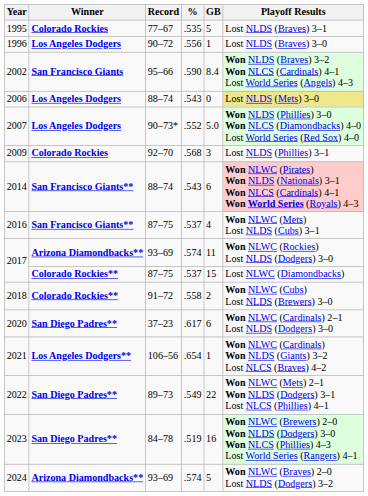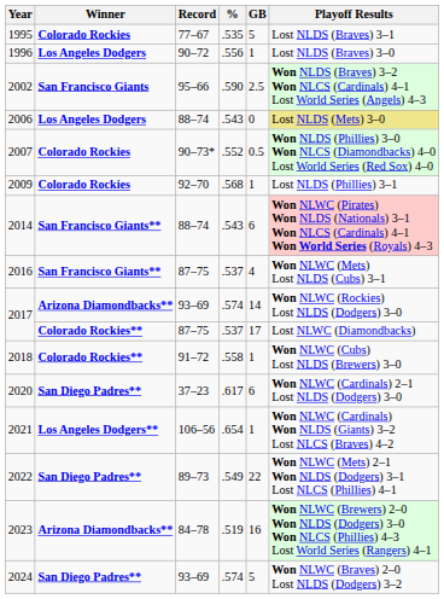 <table class="wikitable">
 <tr>
 <th>Year</th>
 <th>Winner</th>
 <th>Record</th>
 <th>%</th>
 <th>GB</th>
 <th>Playoff Results</th>
 </tr>
 <tr>
 <td>1995</td>
 <td><strong><a href='#'><span>Colorado Rockies</span></a></strong></td>
 <td>77–67</td>
 <td>.535</td>
 <td>5</td>
 <td>Lost <a href='#'>NLDS</a> (<a href='#'>Braves</a>) 3–1</td>
 </tr>
 <tr>
 <td>1996</td>
 <td><strong><a href='#'><span>Los Angeles Dodgers</span></a></strong></td>
 <td>90–72</td>
 <td>.556</td>
 <td>1</td>
 <td>Lost <a href='#'>NLDS</a> (<a href='#'>Braves</a>) 3–0</td>
 </tr>
 <tr>
 <td>2002</td>
 <td><strong><a href='#'><span>San Francisco Giants</span></a></strong></td>
 <td>95–66</td>
 <td>.590</td>
-<td>8.4</td>
+<td>2.5</td>
 <td bgcolor="#ddffdd"><strong>Won</strong> <a href='#'>NLDS</a> (<a href='#'>Braves</a>) 3–2<br><strong>Won</strong> <a href='#'>NLCS</a> (<a href='#'>Cardinals</a>) 4–1<br>Lost <a href='#'>World Series</a> (<a href='#'>Angels</a>) 4–3</td>
 </tr>
 <tr>
 <td>2006</td>
 <td><strong><a href='#'><span>Los Angeles Dodgers</span></a></strong></td>
 <td>88–74</td>
 <td>.543</td>
 <td>0</td>
 <td style="background: khaki;">Lost <a href='#'>NLDS</a> (<a href='#'>Mets</a>) 3–0</td>
 </tr>
 <tr>
 <td>2007</td>
-<td><strong><a href='#'><span>Los Angeles Dodgers</span></a></strong></td>
+<td><strong><a href='#'><span>Colorado Rockies</span></a></strong></td>
 <td>90–73*</td>
 <td>.552</td>
-<td>5.0</td>
+<td>0.5</td>
 <td bgcolor="#ddffdd"><strong>Won</strong> <a href='#'>NLDS</a> (<a href='#'>Phillies</a>) 3–0<br><strong>Won</strong> <a href='#'>NLCS</a> (<a href='#'>Diamondbacks</a>) 4–0<br>Lost <a href='#'>World Series</a> (<a href='#'>Red Sox</a>) 4–0</td>
 </tr>
 <tr>
 <td>2009</td>
 <td><strong><a href='#'><span>Colorado Rockies</span></a></strong></td>
 <td>92–70</td>
 <td>.568</td>
-<td>3</td>
+<td>1</td>
 <td>Lost <a href='#'>NLDS</a> (<a href='#'>Phillies</a>) 3–1</td>
 </tr>
 <tr>
 <td>2014</td>
 <td><strong><a href='#'><span>San Francisco Giants**</span></a></strong></td>
 <td>88–74</td>
 <td>.543</td>
 <td>6</td>
 <td bgcolor="#ffcccc"><strong>Won</strong> <a href='#'>NLWC</a> (<a href='#'>Pirates</a>)<br><strong>Won</strong> <a href='#'>NLDS</a> (<a href='#'>Nationals</a>) 3–1<br><strong>Won</strong> <a href='#'>NLCS</a> (<a href='#'>Cardinals</a>) 4–1<br><strong>Won <a href='#'>World Series</a></strong> (<a href='#'>Royals</a>) 4–3</td>
 </tr>
 <tr>
 <td>2016</td>
 <td><strong><a href='#'><span>San Francisco Giants**</span></a></strong></td>
 <td>87–75</td>
 <td>.537</td>
 <td>4</td>
 <td><strong>Won</strong> <a href='#'>NLWC</a> (<a href='#'>Mets</a>)<br>Lost <a href='#'>NLDS</a> (<a href='#'>Cubs</a>) 3–1</td>
 </tr>
 <tr>
 <td rowspan=2>2017</td>
 <td><strong><a href='#'><span>Arizona Diamondbacks**</span></a></strong></td>
 <td>93–69</td>
 <td>.574</td>
-<td>11</td>
+<td>14</td>
 <td><strong>Won</strong> <a href='#'>NLWC</a> (<a href='#'>Rockies</a>)<br>Lost <a href='#'>NLDS</a> (<a href='#'>Dodgers</a>) 3–0</td>
 </tr>
 <tr>
 <td><strong><a href='#'><span>Colorado Rockies**</span></a></strong></td>
 <td>87–75</td>
 <td>.537</td>
-<td>15</td>
+<td>17</td>
 <td>Lost <a href='#'>NLWC</a> (<a href='#'>Diamondbacks</a>)</td>
 </tr>
 <tr>
 <td>2018</td>
 <td><strong><a href='#'><span>Colorado Rockies**</span></a></strong></td>
 <td>91–72</td>
 <td>.558</td>
-<td>2</td>
+<td>1</td>
 <td><strong>Won</strong> <a href='#'>NLWC</a> (<a href='#'>Cubs</a>)<br>Lost  <a href='#'>NLDS</a> (<a href='#'>Brewers</a>) 3–0</td>
 </tr>
 <tr>
 <td>2020</td>
 <td><strong><a href='#'><span>San Diego Padres**</span></a></strong></td>
 <td>37–23</td>
 <td>.617</td>
 <td>6</td>
 <td><strong>Won</strong> <a href='#'>NLWC</a> (<a href='#'>Cardinals</a>) 2–1<br>Lost <a href='#'>NLDS</a> (<a href='#'>Dodgers</a>) 3–0</td>
 </tr>
 <tr>
 <td>2021</td>
 <td><strong><a href='#'><span>Los Angeles Dodgers**</span></a></strong></td>
 <td>106–56</td>
 <td>.654</td>
 <td>1</td>
 <td><strong>Won</strong> <a href='#'>NLWC</a> (<a href='#'>Cardinals</a>)<br><strong>Won</strong> <a href='#'>NLDS</a> (<a href='#'>Giants</a>) 3–2<br>Lost <a href='#'>NLCS</a> (<a href='#'>Braves</a>) 4–2</td>
 </tr>
 <tr>
 <td>2022</td>
 <td><strong><a href='#'><span>San Diego Padres**</span></a></strong></td>
 <td>89–73</td>
 <td>.549</td>
 <td>22</td>
 <td><strong>Won</strong> <a href='#'>NLWC</a> (<a href='#'>Mets</a>) 2–1 <br><strong>Won</strong> <a href='#'>NLDS</a> (<a href='#'>Dodgers</a>) 3–1<br>Lost <a href='#'>NLCS</a> (<a href='#'>Phillies</a>) 4–1</td>
 </tr>
 <tr>
 <td>2023</td>
-<td><strong><a href='#'><span>San Diego Padres**</span></a></strong></td>
+<td><strong><a href='#'><span>Arizona Diamondbacks**</span></a></strong></td>
 <td>84–78</td>
 <td>.519</td>
 <td>16</td>
 <td bgcolor="#ddffdd"><strong>Won</strong> <a href='#'>NLWC</a> (<a href='#'>Brewers</a>) 2–0<br><strong>Won</strong> <a href='#'>NLDS</a> (<a href='#'>Dodgers</a>) 3–0<br><strong>Won</strong> <a href='#'>NLCS</a> (<a href='#'>Phillies</a>) 4–3<br>Lost <a href='#'>World Series</a> (<a href='#'>Rangers</a>) 4–1</td>
 </tr>
 <tr>
 <td>2024</td>
-<td><strong><a href='#'><span>Arizona Diamondbacks**</span></a></strong></td>
+<td><strong><a href='#'><span>San Diego Padres**</span></a></strong></td>
 <td>93–69</td>
 <td>.574</td>
 <td>5</td>
 <td><strong>Won</strong> <a href='#'>NLWC</a> (<a href='#'>Braves</a>) 2–0<br>Lost <a href='#'>NLDS</a> (<a href='#'>Dodgers</a>) 3–2</td>
 </tr>
 </table>
